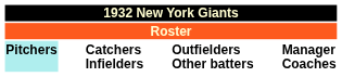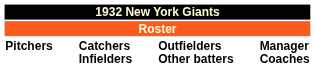 <table class="toccolours" style="font-size: 95%;">
 <tr>
 <th colspan="10" style="background-color: black; color: #FFFDD0; text-align: center;">1932 New York Giants</th>
 </tr>
 <tr>
 <td colspan="10" style="background-color: #fd5a1e; color: #FFFDD0; text-align: center;"><strong>Roster</strong></td>
 </tr>
 <tr>
-<td valign="top" style="background: paleturquoise;"><strong>Pitchers</strong><br>               </td>
+<td valign="top"><strong>Pitchers</strong><br>               </td>
 <td width="25px"></td>
 <td valign="top"><strong>Catchers</strong><br>   <strong>Infielders</strong>              </td>
 <td width="25px"></td>
 <td valign="top"><strong>Outfielders</strong><br>        <strong>Other batters</strong>  </td>
 <td width="25px"></td>
 <td valign="top"><strong>Manager</strong><br>  <strong>Coaches</strong>    </td>
 </tr>
 </table>
